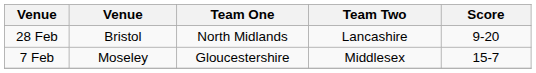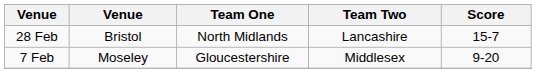 <table class="wikitable" style="text-align: center">
 <tr>
 <th width=70>Venue</th>
 <th width=120>Venue</th>
 <th width=150>Team One</th>
 <th width=150>Team Two</th>
 <th width=100>Score</th>
 </tr>
 <tr>
 <td>28 Feb</td>
 <td>Bristol</td>
 <td>North Midlands</td>
 <td>Lancashire</td>
-<td>9-20</td>
+<td>15-7</td>
 </tr>
 <tr>
 <td>7 Feb</td>
 <td>Moseley</td>
 <td>Gloucestershire</td>
 <td>Middlesex</td>
-<td>15-7</td>
+<td>9-20</td>
 </tr>
 <tr>
 </tr>
 </table>
